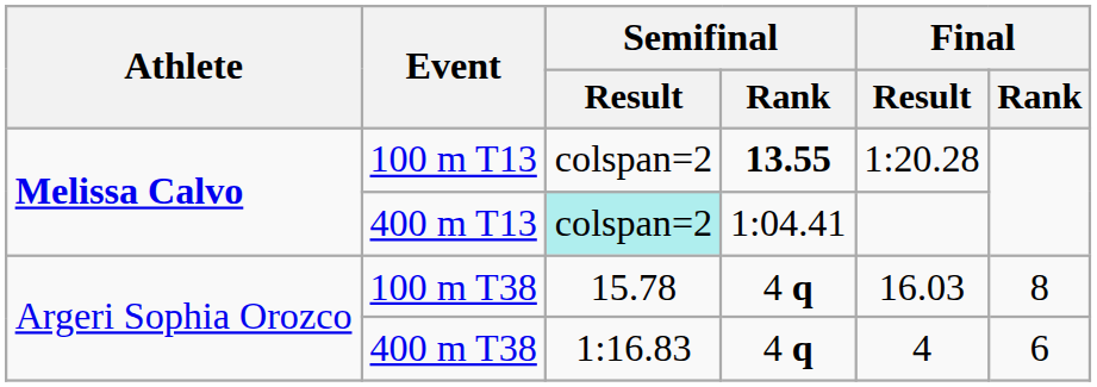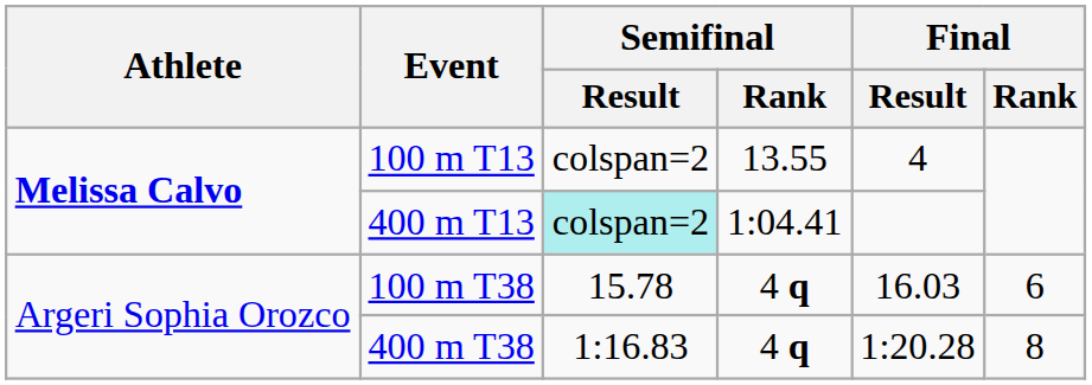 <table class="wikitable" style="font-size:90%">
 <tr>
 <th rowspan="2">Athlete</th>
 <th rowspan="2">Event</th>
 <th colspan="2">Semifinal</th>
 <th colspan="2">Final</th>
 </tr>
 <tr style="font-size:95%">
 <th>Result</th>
 <th>Rank</th>
 <th>Result</th>
 <th>Rank</th>
 </tr>
 <tr align=center>
 <td align=left rowspan=2><strong><a href='#'>Melissa Calvo</a></strong></td>
 <td align=left><a href='#'>100 m T13</a></td>
 <td>colspan=2 </td>
-<td><strong>13.55</strong></td>
-<td>1:20.28</td>
+<td>13.55</td>
+<td>4</td>
 </tr>
 <tr align=center>
 <td align=left><a href='#'>400 m T13</a></td>
 <td style="background: paleturquoise;">colspan=2 </td>
 <td>1:04.41</td>
 <td></td>
 </tr>
 <tr align=center>
 <td align=left rowspan=2><a href='#'>Argeri Sophia Orozco</a></td>
 <td align=left><a href='#'>100 m T38</a></td>
 <td>15.78</td>
 <td>4 <strong>q</strong></td>
 <td>16.03</td>
-<td>8</td>
+<td>6</td>
 </tr>
 <tr align=center>
 <td align=left><a href='#'>400 m T38</a></td>
 <td>1:16.83</td>
 <td>4 <strong>q</strong></td>
-<td>4</td>
-<td>6</td>
+<td>1:20.28</td>
+<td>8</td>
 </tr>
 </table>
